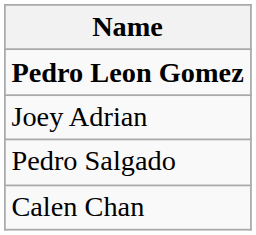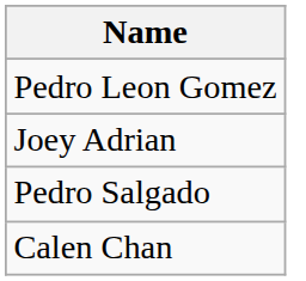 <table class="wikitable">
 <tr>
 <th>Name</th>
 </tr>
 <tr>
-<td><strong> Pedro Leon Gomez</strong></td>
+<td> Pedro Leon Gomez</td>
 </tr>
 <tr>
 <td> Joey Adrian</td>
 </tr>
 <tr>
 <td> Pedro Salgado</td>
 </tr>
 <tr>
 <td> Calen Chan</td>
 </tr>
 </table>
